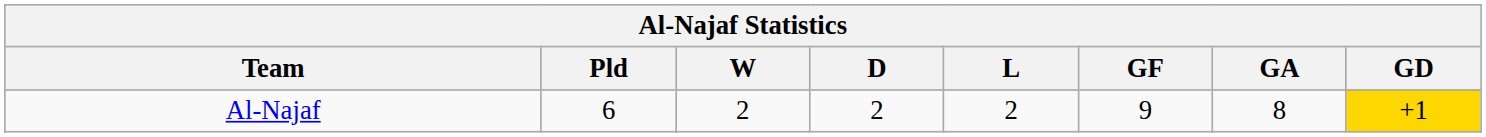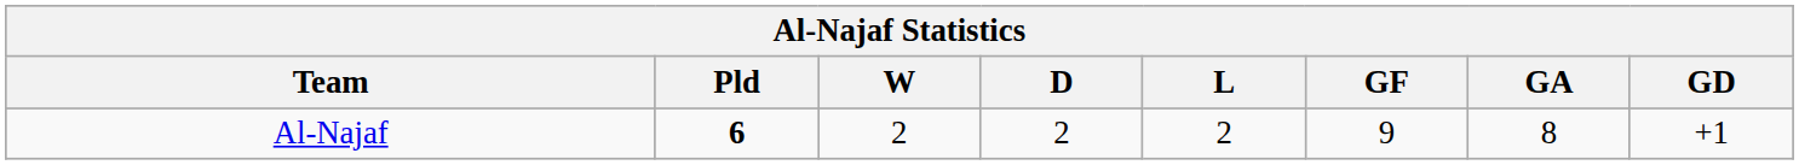 <table width=70% class="wikitable" style="text-align:">
 <tr>
 <th colspan=9>Al-Najaf Statistics</th>
 </tr>
 <tr>
 <th width=20%>Team</th>
 <th width=5%>Pld</th>
 <th width=5%>W</th>
 <th width=5%>D</th>
 <th width=5%>L</th>
 <th width=5%>GF</th>
 <th width=5%>GA</th>
 <th width=5%>GD</th>
 </tr>
 <tr align=center>
 <td align=center> <a href='#'>Al-Najaf</a></td>
-<td>6</td>
+<td><strong>6</strong></td>
 <td>2</td>
 <td>2</td>
 <td>2</td>
 <td>9</td>
 <td>8</td>
-<td style="background: gold;">+1</td>
+<td>+1</td>
 </tr>
 </table>
